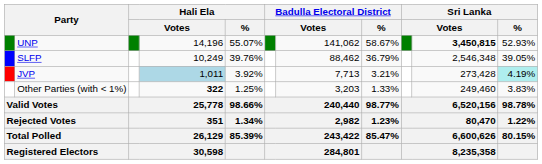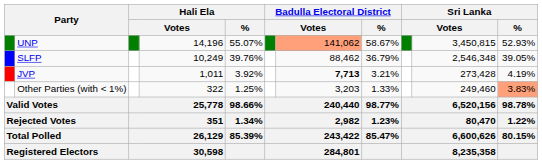 <table class="wikitable">
 <tr>
 <th colspan="2" width="144px"rowspan="2">Party</th>
 <th colspan="3" width="216px">Hali Ela</th>
 <th colspan="3" width="216px"><a href='#'>Badulla Electoral District</a></th>
 <th colspan="3" width="216px">Sri Lanka</th>
 </tr>
 <tr>
 <th colspan="2" width="144px">Votes</th>
 <th>%</th>
 <th colspan="2" width="144px">Votes</th>
 <th>%</th>
 <th colspan="2" width="144px">Votes</th>
 <th>%</th>
 </tr>
 <tr>
 <td style="background-color:green;" width="10px"></td>
 <td style="text-align:left;"><a href='#'>UNP</a></td>
 <td style="background-color:green;" width="10px"></td>
 <td style="text-align:right;">14,196</td>
 <td style="text-align:right;">55.07%</td>
 <td style="background-color:green;" width="10px"></td>
-<td style="text-align:right;">141,062</td>
+<td style="background: lightsalmon; text-align:right;">141,062</td>
 <td style="text-align:right;">58.67%</td>
 <td style="background-color:green;" width="10px"></td>
-<td style="text-align:right;"><strong>3,450,815</strong></td>
+<td style="text-align:right;">3,450,815</td>
 <td style="text-align:right;">52.93%</td>
 </tr>
 <tr>
 <td style="background-color:blue;" width="10px"></td>
 <td style="text-align:left;"><a href='#'>SLFP</a></td>
 <td style="background-color:white;" width="10px"></td>
 <td style="text-align:right;">10,249</td>
 <td style="text-align:right;">39.76%</td>
 <td style="background-color:white;" width="10px"></td>
 <td style="text-align:right;">88,462</td>
 <td style="text-align:right;">36.79%</td>
 <td style="background-color:white;" width="10px"></td>
 <td style="text-align:right;">2,546,348</td>
 <td style="text-align:right;">39.05%</td>
 </tr>
 <tr>
 <td style="background-color:red;" width="10px"></td>
 <td style="text-align:left;"><a href='#'>JVP</a></td>
 <td style="background-color:white;" width="10px"></td>
-<td style="background: lightblue; text-align:right;">1,011</td>
+<td style="text-align:right;">1,011</td>
 <td style="text-align:right;">3.92%</td>
 <td style="background-color:white;" width="10px"></td>
-<td style="text-align:right;">7,713</td>
+<td style="text-align:right;"><strong>7,713</strong></td>
 <td style="text-align:right;">3.21%</td>
 <td style="background-color:white;" width="10px"></td>
 <td style="text-align:right;">273,428</td>
-<td style="background: paleturquoise; text-align:right;">4.19%</td>
+<td style="text-align:right;">4.19%</td>
 </tr>
 <tr>
 <td style="background-color:white;" width="10px"></td>
 <td style="text-align:left;">Other Parties (with < 1%)</td>
 <td style="background-color:white;" width="10px"></td>
-<td style="text-align:right;"><strong>322</strong></td>
+<td style="text-align:right;">322</td>
 <td style="text-align:right;">1.25%</td>
 <td style="background-color:white;" width="10px"></td>
 <td style="text-align:right;">3,203</td>
 <td style="text-align:right;">1.33%</td>
 <td style="background-color:white;" width="10px"></td>
 <td style="text-align:right;">249,460</td>
-<td style="text-align:right;">3.83%</td>
+<td style="background: lightsalmon; text-align:right;">3.83%</td>
 </tr>
 <tr>
 <th colspan="2" width="144px"style="text-align:left;">Valid Votes</th>
 <th style="text-align:right;"colspan="2" width="144px">25,778</th>
 <th style="text-align:right;">98.66%</th>
 <th style="text-align:right;"colspan="2" width="144px">240,440</th>
 <th style="text-align:right;">98.77%</th>
 <th style="text-align:right;"colspan="2" width="144px">6,520,156</th>
 <th style="text-align:right;">98.78%</th>
 </tr>
 <tr>
 <th colspan="2" width="144px"style="text-align:left;">Rejected Votes</th>
 <th style="text-align:right;"colspan="2" width="144px">351</th>
 <th style="text-align:right;">1.34%</th>
 <th style="text-align:right;"colspan="2" width="144px">2,982</th>
 <th style="text-align:right;">1.23%</th>
 <th style="text-align:right;"colspan="2" width="144px">80,470</th>
 <th style="text-align:right;">1.22%</th>
 </tr>
 <tr>
 <th colspan="2" width="144px"style="text-align:left;">Total Polled</th>
 <th style="text-align:right;"colspan="2" width="144px">26,129</th>
 <th style="text-align:right;">85.39%</th>
 <th style="text-align:right;"colspan="2" width="144px">243,422</th>
 <th style="text-align:right;">85.47%</th>
 <th style="text-align:right;"colspan="2" width="144px">6,600,626</th>
 <th style="text-align:right;">80.15%</th>
 </tr>
 <tr>
 <th colspan="2" width="144px"style="text-align:left;">Registered Electors</th>
 <th style="text-align:right;"colspan="2" width="144px">30,598</th>
 <th></th>
 <th style="text-align:right;"colspan="2" width="144px">284,801</th>
 <th></th>
 <th style="text-align:right;"colspan="2" width="144px">8,235,358</th>
 <th></th>
 </tr>
 </table>
